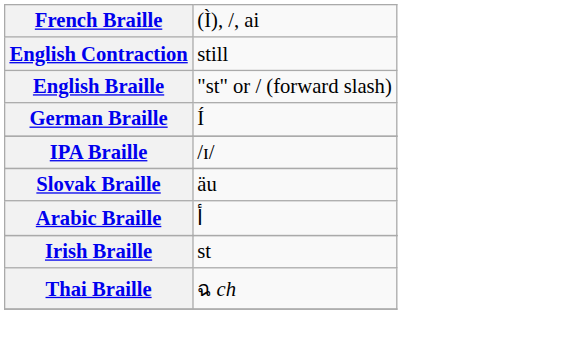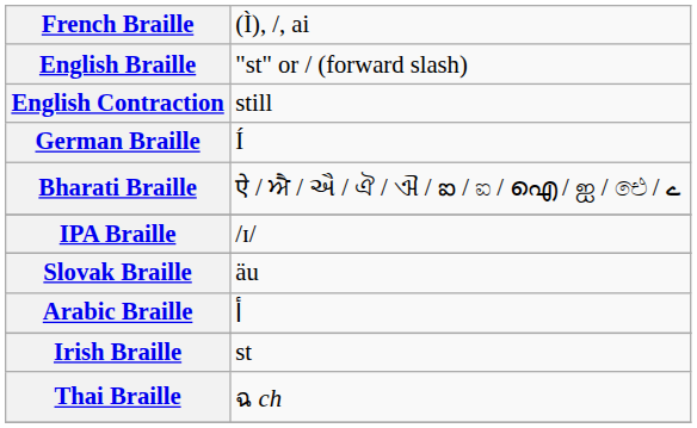 <table class="wikitable">
 <tr>
 <th align=left><a href='#'>French Braille</a></th>
 <td>(Ì), /, ai</td>
 </tr>
 <tr>
+<th align=left><a href='#'>English Braille</a></th>
+<td>"st" or / (forward slash)</td>
+</tr>
+<tr>
 <th align=left><a href='#'>English Contraction</a></th>
 <td>still</td>
 </tr>
 <tr>
-<th align=left><a href='#'>English Braille</a></th>
-<td>"st" or / (forward slash)</td>
+<th align=left><a href='#'>German Braille</a></th>
+<td>Í</td>
 </tr>
 <tr>
-<th align=left><a href='#'>German Braille</a></th>
-<td>Í</td>
+<th align=left><a href='#'>Bharati Braille</a></th>
+<td>ऐ / ਐ / ઐ / ঐ / ଐ / ఐ / ಐ / ഐ / ஐ / ඓ / ے ‎</td>
 </tr>
 <tr>
 </tr>
 <tr>
 <th align=left><a href='#'>IPA Braille</a></th>
 <td>/ɪ/</td>
 </tr>
 <tr>
 </tr>
 <tr>
 <th align=left><a href='#'>Slovak Braille</a></th>
 <td>äu</td>
 </tr>
 <tr>
 <th align=left><a href='#'>Arabic Braille</a></th>
 <td>أ</td>
 </tr>
 <tr>
 </tr>
 <tr>
 <th align=left><a href='#'>Irish Braille</a></th>
 <td>st</td>
 </tr>
 <tr>
 <th align=left><a href='#'>Thai Braille</a></th>
 <td>ฉ <em>ch</em></td>
 </tr>
 <tr>
 </tr>
 </table>
